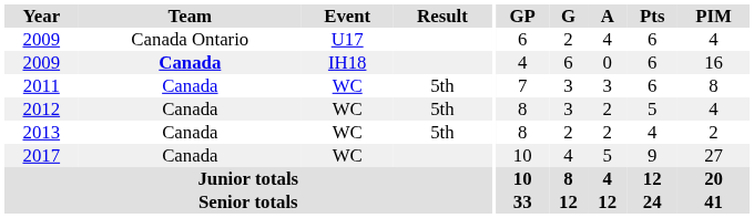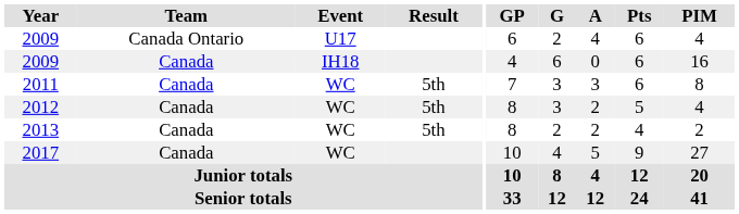 <table border="0" cellpadding="1" cellspacing="0" ID="Table3" style="text-align:center; width:40em">
 <tr bgcolor="#e0e0e0">
 <th>Year</th>
 <th>Team</th>
 <th>Event</th>
 <th>Result</th>
 <th rowspan="99" bgcolor="#ffffff"></th>
 <th>GP</th>
 <th>G</th>
 <th>A</th>
 <th>Pts</th>
 <th>PIM</th>
 </tr>
 <tr>
 <td><a href='#'>2009</a></td>
 <td>Canada Ontario</td>
 <td><a href='#'>U17</a></td>
 <td></td>
 <td>6</td>
 <td>2</td>
 <td>4</td>
 <td>6</td>
 <td>4</td>
 </tr>
 <tr bgcolor="#f0f0f0">
 <td><a href='#'>2009</a></td>
-<td><strong><a href='#'>Canada</a></strong></td>
+<td><a href='#'>Canada</a></td>
 <td><a href='#'>IH18</a></td>
 <td></td>
 <td>4</td>
 <td>6</td>
 <td>0</td>
 <td>6</td>
 <td>16</td>
 </tr>
 <tr>
 <td><a href='#'>2011</a></td>
 <td><a href='#'>Canada</a></td>
 <td><a href='#'>WC</a></td>
 <td>5th</td>
 <td>7</td>
 <td>3</td>
 <td>3</td>
 <td>6</td>
 <td>8</td>
 </tr>
 <tr bgcolor="#f0f0f0">
 <td><a href='#'>2012</a></td>
 <td>Canada</td>
 <td>WC</td>
 <td>5th</td>
 <td>8</td>
 <td>3</td>
 <td>2</td>
 <td>5</td>
 <td>4</td>
 </tr>
 <tr>
 <td><a href='#'>2013</a></td>
 <td>Canada</td>
 <td>WC</td>
 <td>5th</td>
 <td>8</td>
 <td>2</td>
 <td>2</td>
 <td>4</td>
 <td>2</td>
 </tr>
 <tr bgcolor="#f0f0f0">
 <td><a href='#'>2017</a></td>
 <td>Canada</td>
 <td>WC</td>
 <td></td>
 <td>10</td>
 <td>4</td>
 <td>5</td>
 <td>9</td>
 <td>27</td>
 </tr>
 <tr bgcolor="#e0e0e0">
 <th colspan="4">Junior totals</th>
 <th>10</th>
 <th>8</th>
 <th>4</th>
 <th>12</th>
 <th>20</th>
 </tr>
 <tr bgcolor="#e0e0e0">
 <th colspan="4">Senior totals</th>
 <th>33</th>
 <th>12</th>
 <th>12</th>
 <th>24</th>
 <th>41</th>
 </tr>
 </table>
